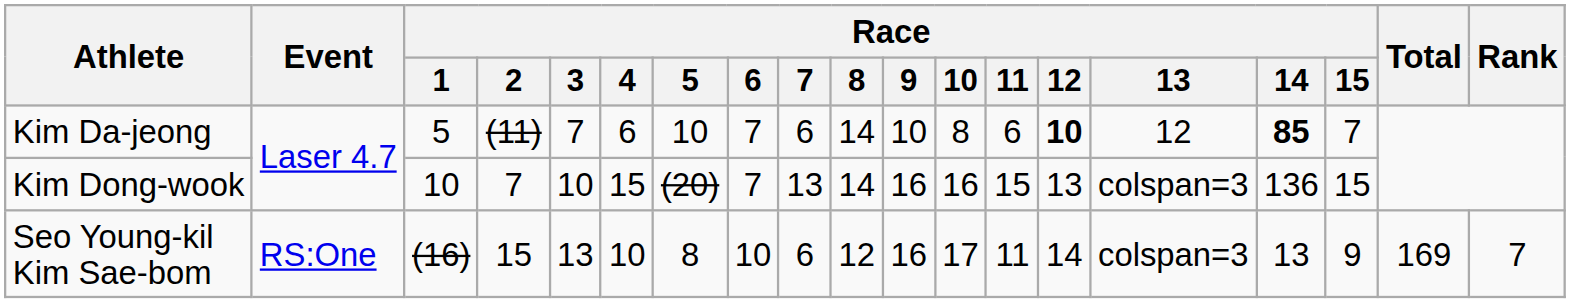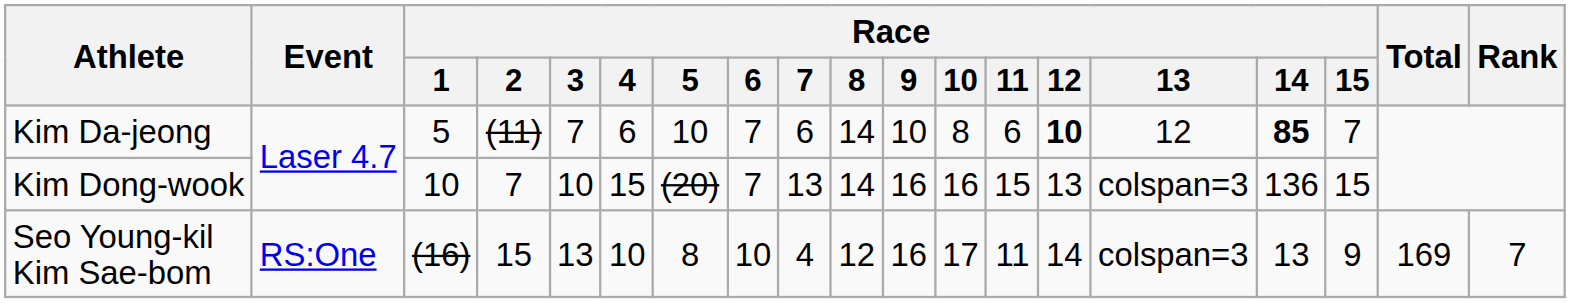 <table class=wikitable style=font-size:90%;text-align:center>
 <tr>
 <th rowspan="2">Athlete</th>
 <th rowspan="2">Event</th>
 <th colspan=15>Race</th>
 <th rowspan=2>Total</th>
 <th rowspan=2>Rank</th>
 </tr>
 <tr style="font-size:95%">
 <th>1</th>
 <th>2</th>
 <th>3</th>
 <th>4</th>
 <th>5</th>
 <th>6</th>
 <th>7</th>
 <th>8</th>
 <th>9</th>
 <th>10</th>
 <th>11</th>
 <th>12</th>
 <th>13</th>
 <th>14</th>
 <th>15</th>
 </tr>
 <tr>
 <td align=left>Kim Da-jeong</td>
 <td align=left rowspan=2><a href='#'>Laser 4.7</a></td>
 <td>5</td>
 <td><s>(11)</s></td>
 <td>7</td>
 <td>6</td>
 <td>10</td>
 <td>7</td>
 <td>6</td>
 <td>14</td>
 <td>10</td>
 <td>8</td>
 <td>6</td>
 <td><strong>10</strong></td>
 <td>12</td>
 <td><strong>85</strong></td>
 <td>7</td>
 </tr>
 <tr>
 <td align=left>Kim Dong-wook</td>
 <td>10</td>
 <td>7</td>
 <td>10</td>
 <td>15</td>
 <td><s>(20)</s></td>
 <td>7</td>
 <td>13</td>
 <td>14</td>
 <td>16</td>
 <td>16</td>
 <td>15</td>
 <td>13</td>
 <td>colspan=3 </td>
 <td>136</td>
 <td>15</td>
 </tr>
 <tr>
 <td align=left>Seo Young-kil<br>Kim Sae-bom</td>
 <td align=left rowspan=2><a href='#'>RS:One</a></td>
 <td><s>(16)</s></td>
 <td>15</td>
 <td>13</td>
 <td>10</td>
 <td>8</td>
 <td>10</td>
-<td>6</td>
+<td>4</td>
 <td>12</td>
 <td>16</td>
 <td>17</td>
 <td>11</td>
 <td>14</td>
 <td>colspan=3 </td>
 <td>13</td>
 <td>9</td>
 <td>169</td>
 <td>7</td>
 </tr>
 </table>
